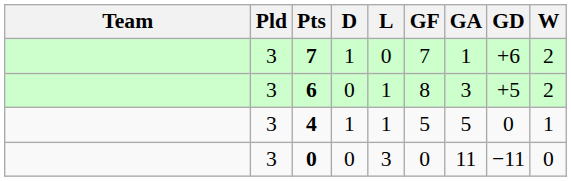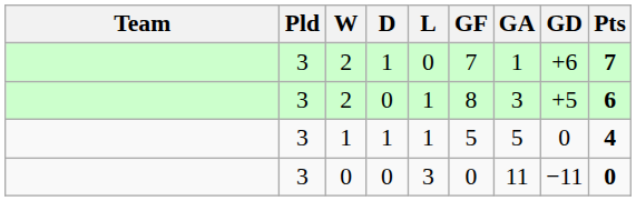 <table class="wikitable" style="text-align:center;">
 <tr>
 <th width=175>Team</th>
 <th width=20 abbr="Played">Pld</th>
-<th width=20 abbr="Points">Pts</th>
+<th width=20 abbr="Won">W</th>
 <th width=20 abbr="Drawn">D</th>
 <th width=20 abbr="Lost">L</th>
 <th width=20 abbr="Goals for">GF</th>
 <th width=20 abbr="Goals against">GA</th>
 <th width=20 abbr="Goal difference">GD</th>
-<th width=20 abbr="Won">W</th>
+<th width=20 abbr="Points">Pts</th>
 </tr>
 <tr bgcolor=ccffcc>
 <td align=left></td>
 <td>3</td>
-<td><strong>7</strong></td>
+<td>2</td>
 <td>1</td>
 <td>0</td>
 <td>7</td>
 <td>1</td>
 <td>+6</td>
-<td>2</td>
+<td><strong>7</strong></td>
 </tr>
 <tr bgcolor=ccffcc>
 <td align=left></td>
 <td>3</td>
-<td><strong>6</strong></td>
+<td>2</td>
 <td>0</td>
 <td>1</td>
 <td>8</td>
 <td>3</td>
 <td>+5</td>
-<td>2</td>
+<td><strong>6</strong></td>
 </tr>
 <tr bgcolor=>
 <td align=left></td>
 <td>3</td>
-<td><strong>4</strong></td>
+<td>1</td>
 <td>1</td>
 <td>1</td>
 <td>5</td>
 <td>5</td>
 <td>0</td>
-<td>1</td>
+<td><strong>4</strong></td>
 </tr>
 <tr bgcolor=>
 <td align=left></td>
 <td>3</td>
-<td><strong>0</strong></td>
+<td>0</td>
 <td>0</td>
 <td>3</td>
 <td>0</td>
 <td>11</td>
 <td>−11</td>
-<td>0</td>
+<td><strong>0</strong></td>
 </tr>
 </table>
